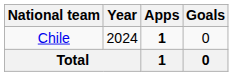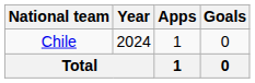 <table class=wikitable style=text-align:center>
 <tr>
 <th>National team</th>
 <th>Year</th>
 <th>Apps</th>
 <th>Goals</th>
 </tr>
 <tr>
 <td rowspan="1"><a href='#'>Chile</a></td>
 <td>2024</td>
-<td><strong>1</strong></td>
+<td>1</td>
 <td>0</td>
 </tr>
 <tr>
 <th colspan="2">Total</th>
 <th>1</th>
 <th>0</th>
 </tr>
 </table>
